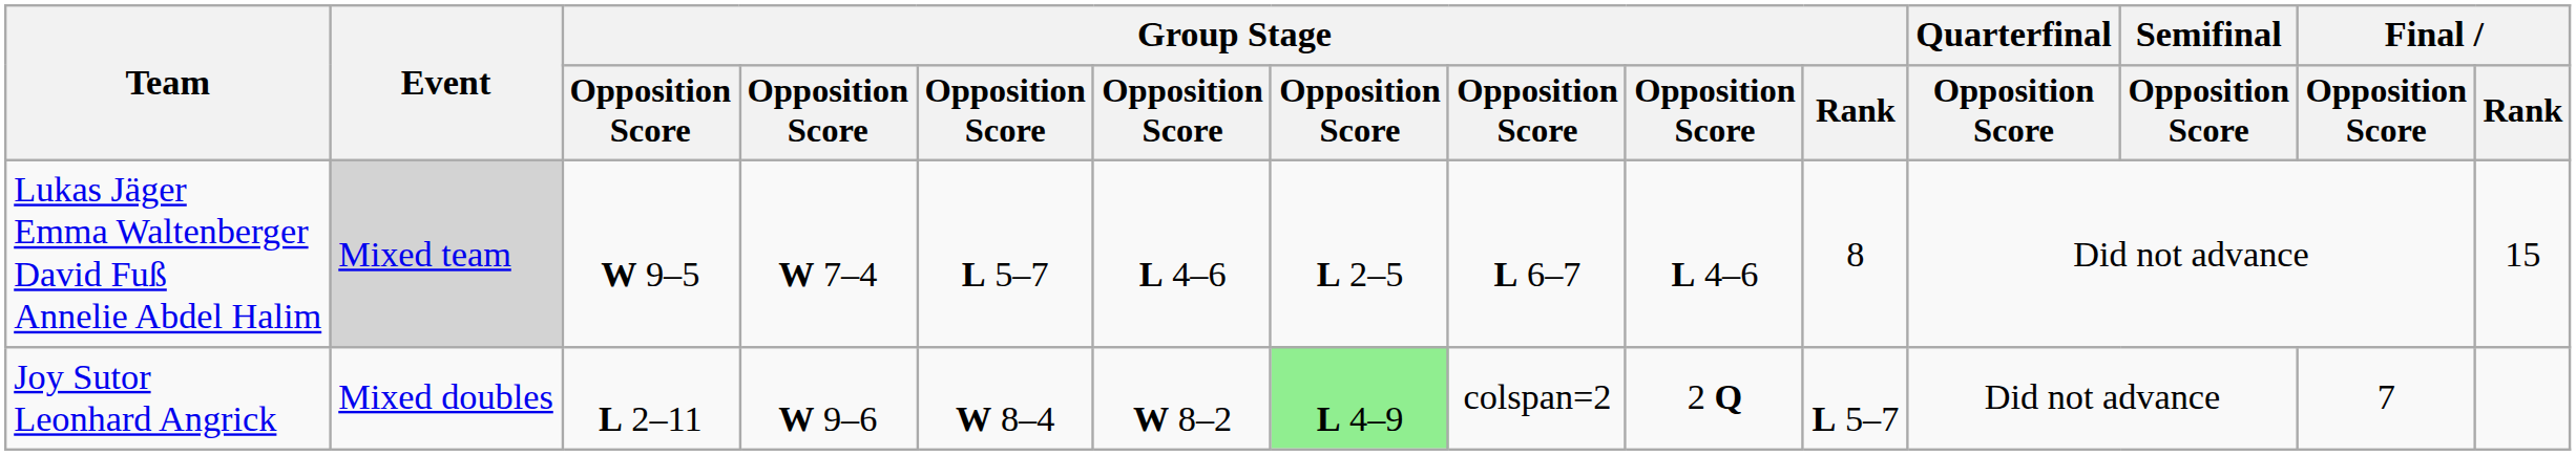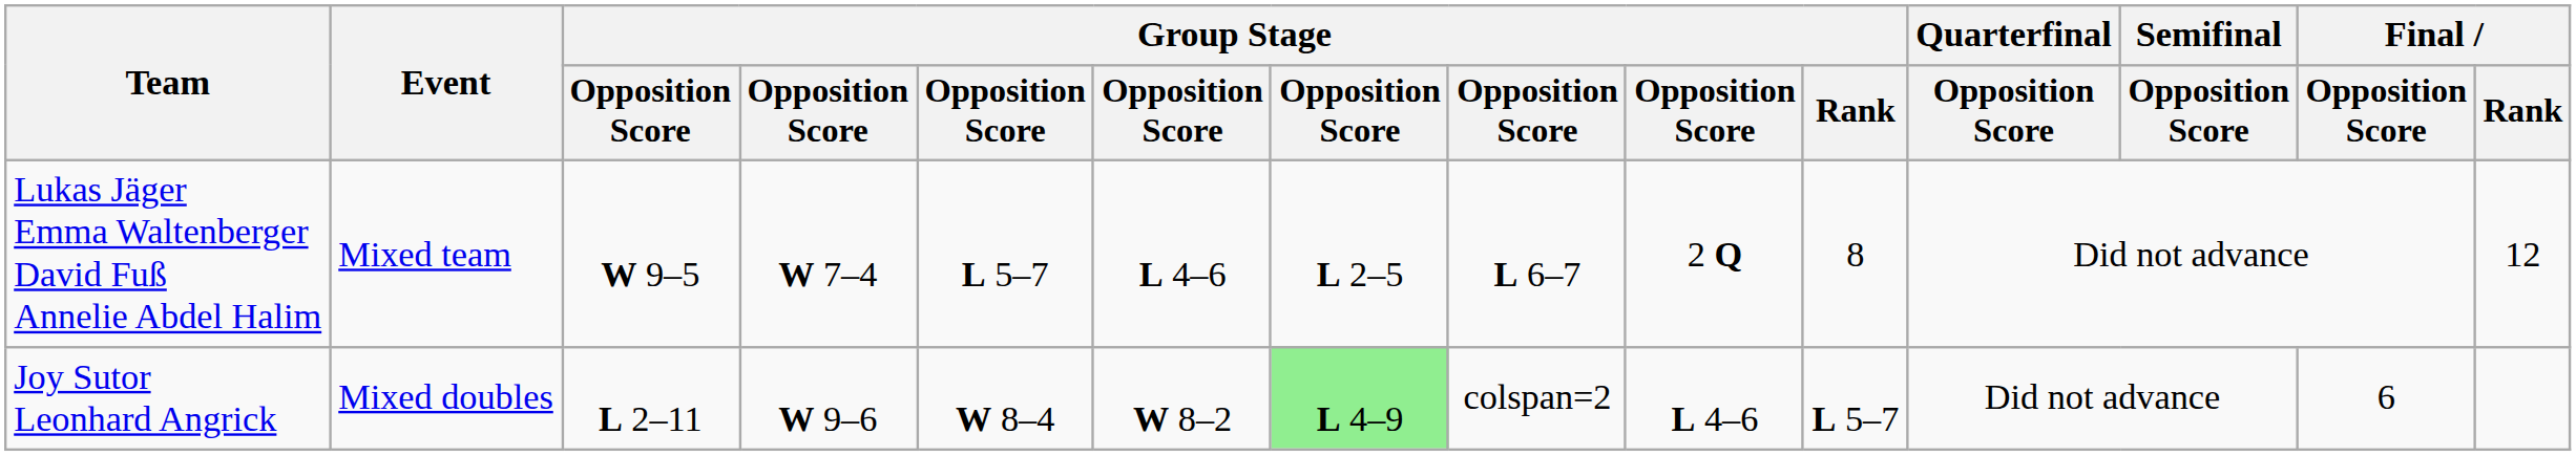 <table class="wikitable" style="font-size:90%">
 <tr>
 <th rowspan=2>Team</th>
 <th rowspan=2>Event</th>
 <th colspan=8>Group Stage</th>
 <th>Quarterfinal</th>
 <th>Semifinal</th>
 <th colspan=2>Final / </th>
 </tr>
 <tr style="font-size:95%">
 <th>Opposition <br> Score</th>
 <th>Opposition <br> Score</th>
 <th>Opposition <br> Score</th>
 <th>Opposition <br> Score</th>
 <th>Opposition <br> Score</th>
 <th>Opposition <br> Score</th>
 <th>Opposition <br> Score</th>
 <th>Rank</th>
 <th>Opposition <br> Score</th>
 <th>Opposition <br> Score</th>
 <th>Opposition <br> Score</th>
 <th>Rank</th>
 </tr>
 <tr align=center>
 <td align=left><a href='#'>Lukas Jäger</a><br><a href='#'>Emma Waltenberger</a><br><a href='#'>David Fuß</a><br><a href='#'>Annelie Abdel Halim</a></td>
-<td align=left style="background: lightgrey;"><a href='#'>Mixed team</a></td>
+<td align=left><a href='#'>Mixed team</a></td>
 <td><br><strong>W</strong> 9–5</td>
 <td><br><strong>W</strong> 7–4</td>
 <td><br><strong>L</strong> 5–7</td>
 <td><br><strong>L</strong> 4–6</td>
 <td><br><strong>L</strong> 2–5</td>
 <td><br><strong>L</strong> 6–7</td>
-<td><br><strong>L</strong> 4–6</td>
+<td>2 <strong>Q</strong></td>
 <td>8</td>
 <td colspan=3>Did not advance</td>
-<td>15</td>
+<td>12</td>
 </tr>
 <tr align=center>
 <td align=left><a href='#'>Joy Sutor</a><br><a href='#'>Leonhard Angrick</a></td>
 <td align=left><a href='#'>Mixed doubles</a></td>
 <td><br><strong>L</strong> 2–11</td>
 <td><br><strong>W</strong> 9–6</td>
 <td><br><strong>W</strong> 8–4</td>
 <td><br><strong>W</strong> 8–2</td>
 <td style="background: lightgreen;"><br><strong>L</strong> 4–9</td>
 <td>colspan=2</td>
-<td>2 <strong>Q</strong></td>
+<td><br><strong>L</strong> 4–6</td>
 <td><br><strong>L</strong> 5–7</td>
 <td colspan=2>Did not advance</td>
-<td>7</td>
+<td>6</td>
 </tr>
 </table>
